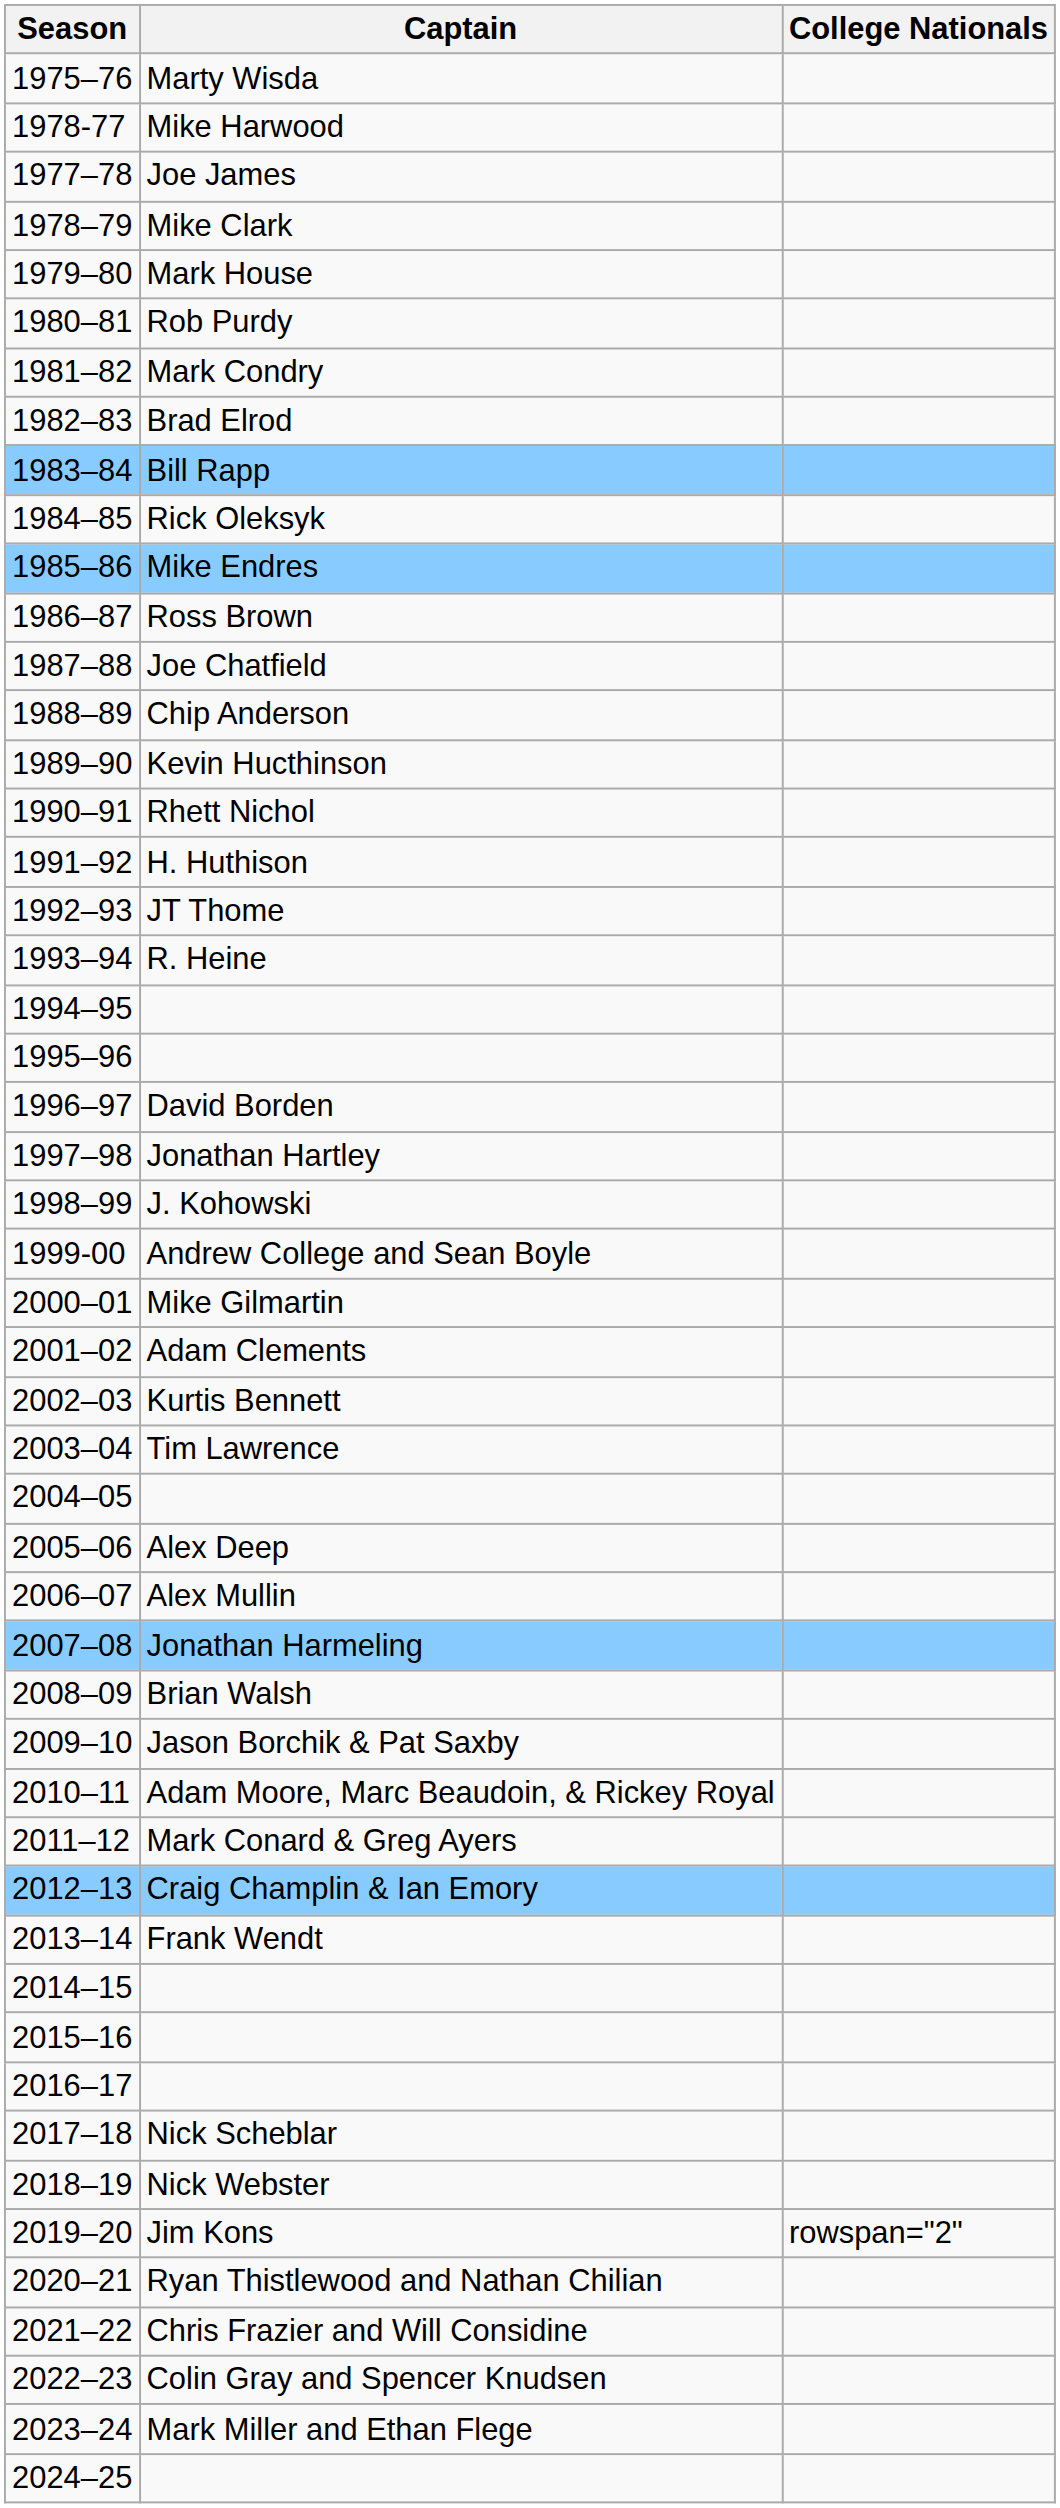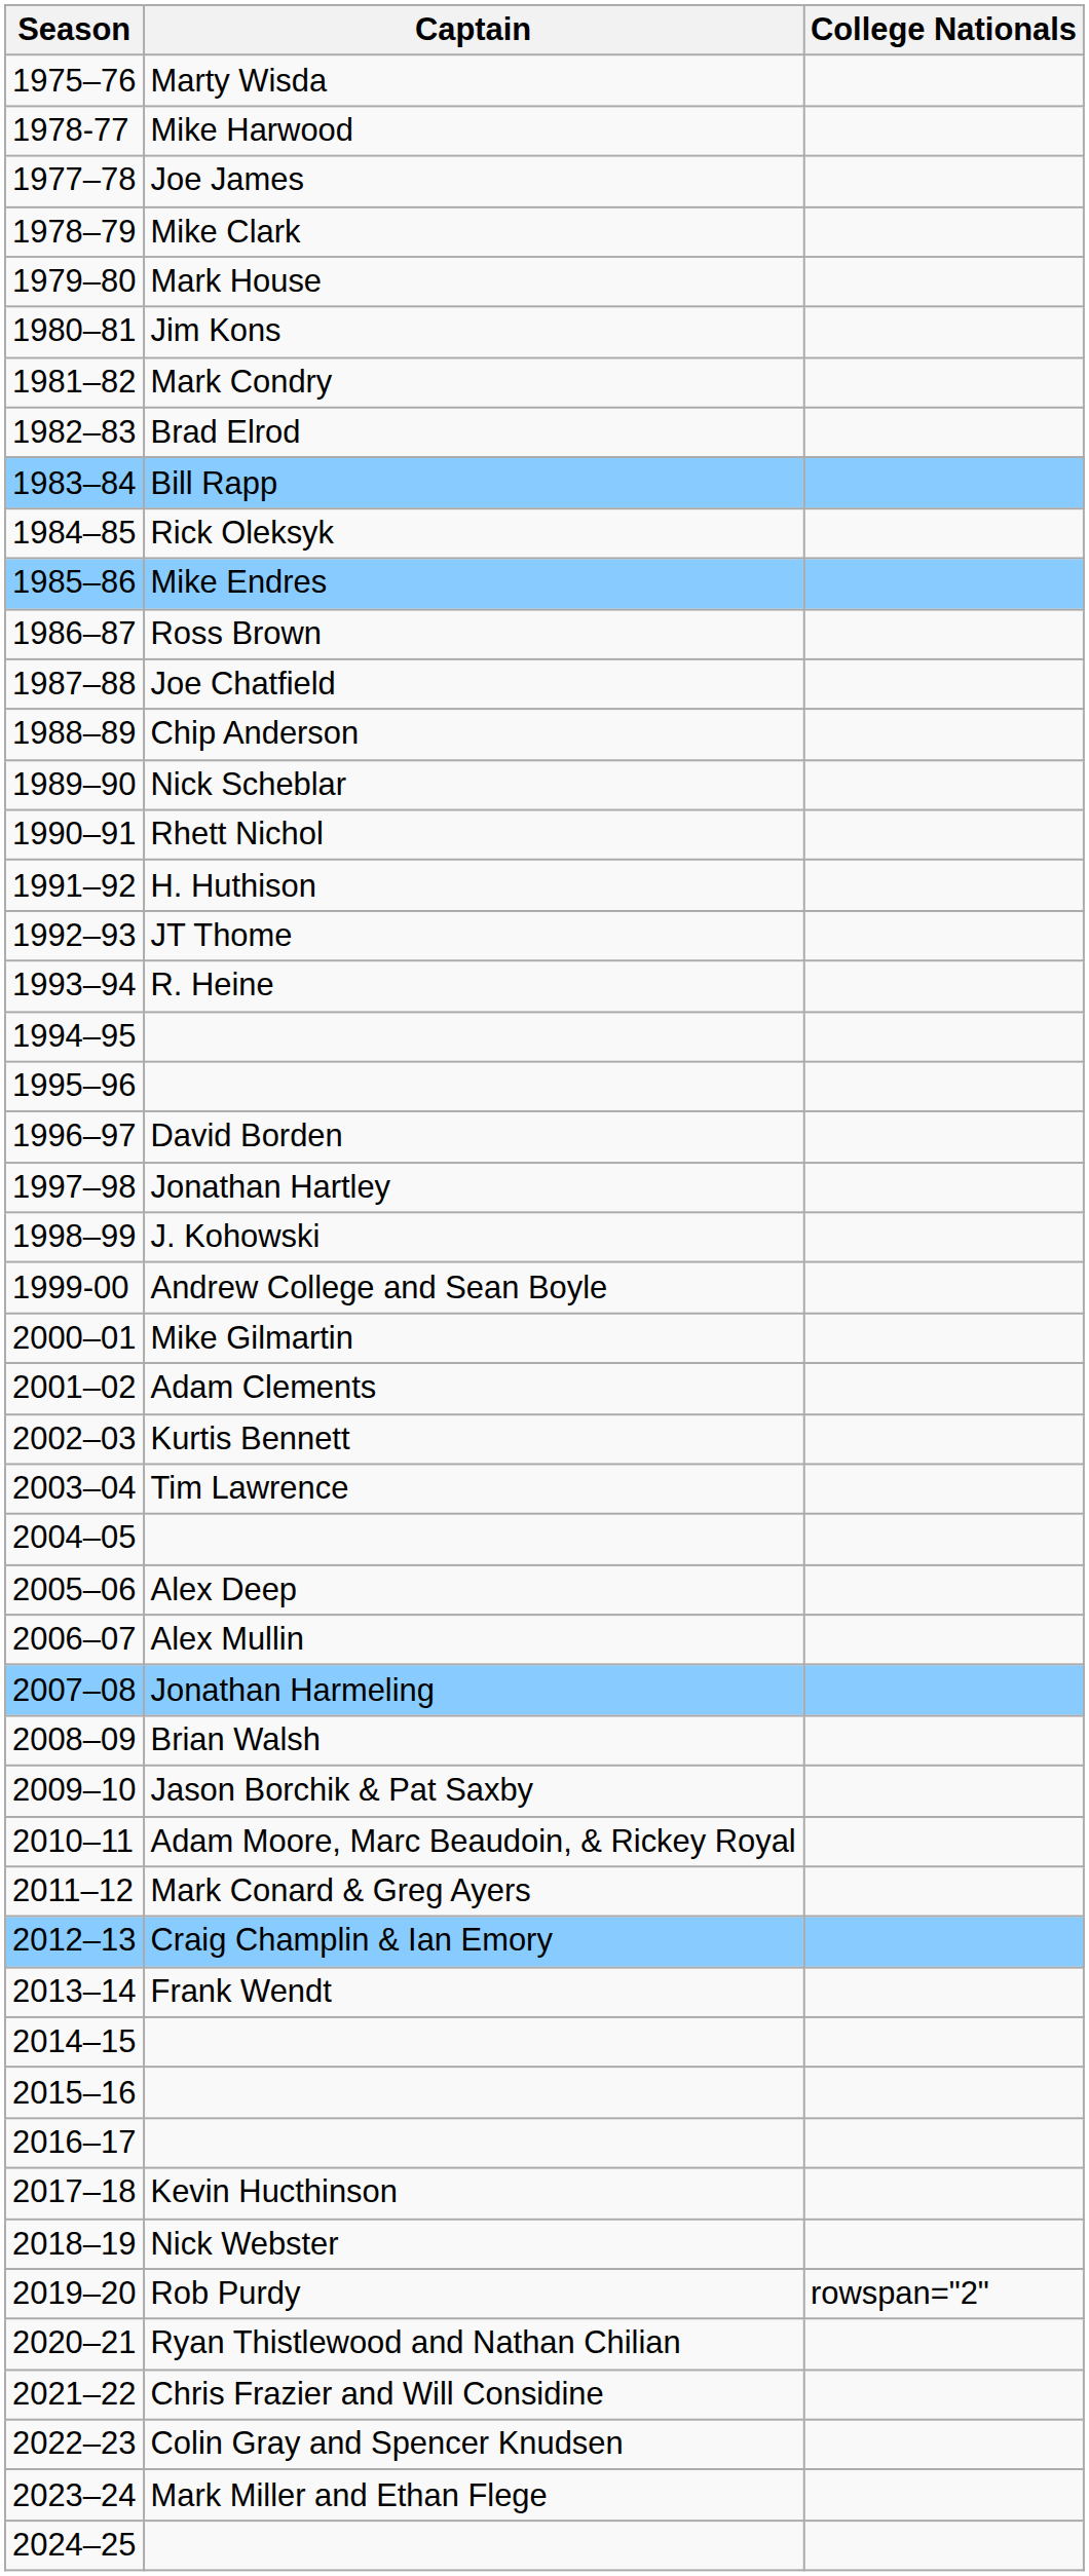 <table class="wikitable sortable">
 <tr>
 <th>Season</th>
 <th>Captain</th>
 <th>College Nationals</th>
 </tr>
 <tr>
 <td>1975–76</td>
 <td>Marty Wisda</td>
 <td></td>
 </tr>
 <tr>
 <td>1978-77</td>
 <td>Mike Harwood</td>
 <td></td>
 </tr>
 <tr>
 <td>1977–78</td>
 <td>Joe James</td>
 <td></td>
 </tr>
 <tr>
 <td>1978–79</td>
 <td>Mike Clark</td>
 <td></td>
 </tr>
 <tr>
 <td>1979–80</td>
 <td>Mark House</td>
 <td></td>
 </tr>
 <tr>
 <td>1980–81</td>
-<td>Rob Purdy</td>
+<td>Jim Kons</td>
 <td></td>
 </tr>
 <tr>
 <td>1981–82</td>
 <td>Mark Condry</td>
 <td></td>
 </tr>
 <tr>
 <td>1982–83</td>
 <td>Brad Elrod</td>
 <td></td>
 </tr>
 <tr bgcolor=#8CF>
 <td>1983–84</td>
 <td>Bill Rapp</td>
 <td></td>
 </tr>
 <tr>
 <td>1984–85</td>
 <td>Rick Oleksyk</td>
 <td></td>
 </tr>
 <tr bgcolor=#8CF>
 <td>1985–86</td>
 <td>Mike Endres</td>
 <td></td>
 </tr>
 <tr>
 <td>1986–87</td>
 <td>Ross Brown</td>
 <td></td>
 </tr>
 <tr>
 <td>1987–88</td>
 <td>Joe Chatfield</td>
 <td></td>
 </tr>
 <tr>
 <td>1988–89</td>
 <td>Chip Anderson</td>
 <td></td>
 </tr>
 <tr>
 <td>1989–90</td>
-<td>Kevin Hucthinson</td>
+<td>Nick Scheblar</td>
 <td></td>
 </tr>
 <tr>
 <td>1990–91</td>
 <td>Rhett Nichol</td>
 <td></td>
 </tr>
 <tr>
 <td>1991–92</td>
 <td>H. Huthison</td>
 <td></td>
 </tr>
 <tr>
 <td>1992–93</td>
 <td>JT Thome</td>
 <td></td>
 </tr>
 <tr>
 <td>1993–94</td>
 <td>R. Heine</td>
 <td></td>
 </tr>
 <tr>
 <td>1994–95</td>
 <td></td>
 <td></td>
 </tr>
 <tr>
 <td>1995–96</td>
 <td></td>
 <td></td>
 </tr>
 <tr>
 <td>1996–97</td>
 <td>David Borden</td>
 <td></td>
 </tr>
 <tr>
 <td>1997–98</td>
 <td>Jonathan Hartley</td>
 <td></td>
 </tr>
 <tr>
 <td>1998–99</td>
 <td>J. Kohowski</td>
 <td></td>
 </tr>
 <tr>
 <td>1999-00</td>
 <td>Andrew College and Sean Boyle</td>
 <td></td>
 </tr>
 <tr>
 <td>2000–01</td>
 <td>Mike Gilmartin</td>
 <td></td>
 </tr>
 <tr>
 <td>2001–02</td>
 <td>Adam Clements</td>
 <td></td>
 </tr>
 <tr>
 <td>2002–03</td>
 <td>Kurtis Bennett</td>
 <td></td>
 </tr>
 <tr>
 <td>2003–04</td>
 <td>Tim Lawrence</td>
 <td></td>
 </tr>
 <tr>
 <td>2004–05</td>
 <td></td>
 <td></td>
 </tr>
 <tr>
 <td>2005–06</td>
 <td>Alex Deep</td>
 <td></td>
 </tr>
 <tr>
 <td>2006–07</td>
 <td>Alex Mullin</td>
 <td></td>
 </tr>
 <tr bgcolor=#8CF>
 <td>2007–08</td>
 <td>Jonathan Harmeling</td>
 <td></td>
 </tr>
 <tr>
 <td>2008–09</td>
 <td>Brian Walsh</td>
 <td></td>
 </tr>
 <tr>
 <td>2009–10</td>
 <td>Jason Borchik & Pat Saxby</td>
 <td></td>
 </tr>
 <tr>
 <td>2010–11</td>
 <td>Adam Moore, Marc Beaudoin, & Rickey Royal</td>
 <td></td>
 </tr>
 <tr>
 <td>2011–12</td>
 <td>Mark Conard & Greg Ayers</td>
 <td></td>
 </tr>
 <tr bgcolor=#8CF>
 <td>2012–13</td>
 <td>Craig Champlin & Ian Emory</td>
 <td></td>
 </tr>
 <tr>
 <td>2013–14</td>
 <td>Frank Wendt</td>
 <td></td>
 </tr>
 <tr>
 <td>2014–15</td>
 <td></td>
 <td></td>
 </tr>
 <tr>
 <td>2015–16</td>
 <td></td>
 <td></td>
 </tr>
 <tr>
 <td>2016–17</td>
 <td></td>
 <td></td>
 </tr>
 <tr>
 <td>2017–18</td>
-<td>Nick Scheblar</td>
+<td>Kevin Hucthinson</td>
 <td></td>
 </tr>
 <tr>
 <td>2018–19</td>
 <td>Nick Webster</td>
 <td></td>
 </tr>
 <tr>
 <td>2019–20</td>
-<td>Jim Kons</td>
+<td>Rob Purdy</td>
 <td>rowspan="2" </td>
 </tr>
 <tr>
 <td>2020–21</td>
 <td>Ryan Thistlewood and Nathan Chilian</td>
 </tr>
 <tr>
 <td>2021–22</td>
 <td>Chris Frazier and Will Considine</td>
 <td></td>
 </tr>
 <tr>
 <td>2022–23</td>
 <td>Colin Gray and Spencer Knudsen</td>
 <td></td>
 </tr>
 <tr>
 <td>2023–24</td>
 <td>Mark Miller and Ethan Flege</td>
 <td></td>
 </tr>
 <tr>
 <td>2024–25</td>
 <td></td>
 <td></td>
 </tr>
 </table>
